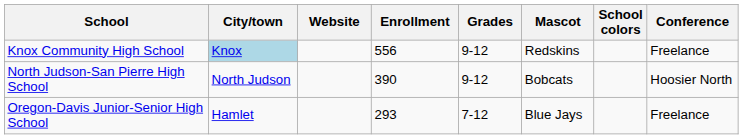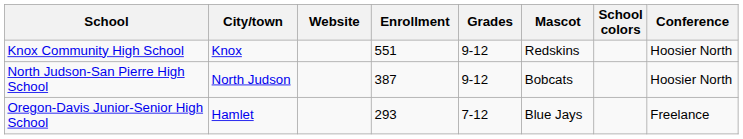 <table class="wikitable sortable" width="70%">
 <tr>
 <th width="20%">School</th>
 <th width="08%">City/town</th>
 <th width="06%">Website</th>
 <th width="04%">Enrollment</th>
 <th width="04%">Grades</th>
 <th width="04%">Mascot</th>
 <th width=01%>School colors</th>
 <th width="04%">Conference</th>
 </tr>
 <tr>
 <td><a href='#'>Knox Community High School</a></td>
-<td style="background: lightblue;"><a href='#'>Knox</a></td>
+<td><a href='#'>Knox</a></td>
 <td></td>
-<td>556</td>
+<td>551</td>
 <td>9-12</td>
 <td>Redskins</td>
 <td>  </td>
-<td>Freelance</td>
+<td>Hoosier North</td>
 </tr>
 <tr>
 <td><a href='#'>North Judson-San Pierre High School</a></td>
 <td><a href='#'>North Judson</a></td>
 <td></td>
-<td>390</td>
+<td>387</td>
 <td>9-12</td>
 <td>Bobcats</td>
 <td>  </td>
 <td>Hoosier North</td>
 </tr>
 <tr>
 <td><a href='#'>Oregon-Davis Junior-Senior High School</a></td>
 <td><a href='#'>Hamlet</a></td>
 <td></td>
 <td>293</td>
 <td>7-12</td>
 <td>Blue Jays</td>
 <td>  </td>
 <td>Freelance</td>
 </tr>
 </table>
